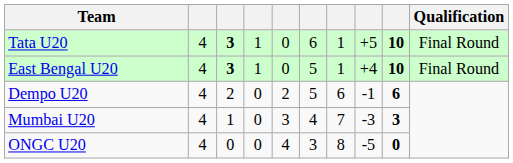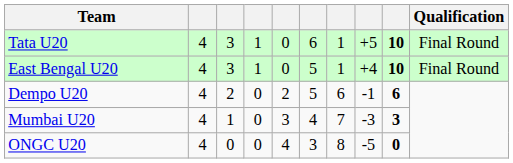 <table class="wikitable" style="text-align:center">
 <tr>
 <th width="175">Team</th>
 <th width="20"></th>
 <th width="20"></th>
 <th width="20"></th>
 <th width="20"></th>
 <th width="20"></th>
 <th width="20"></th>
 <th width="20"></th>
 <th width="20"></th>
 <th width="20">Qualification</th>
 </tr>
 <tr bgcolor="#ccffcc">
 <td align=left><a href='#'>Tata U20</a></td>
 <td>4</td>
-<td><strong>3</strong></td>
+<td>3</td>
 <td>1</td>
 <td>0</td>
 <td>6</td>
 <td>1</td>
 <td>+5</td>
 <td><strong>10</strong></td>
 <td>Final Round</td>
 </tr>
 <tr bgcolor="#ccffcc">
 <td align=left><a href='#'>East Bengal U20</a></td>
 <td>4</td>
-<td><strong>3</strong></td>
+<td>3</td>
 <td>1</td>
 <td>0</td>
 <td>5</td>
 <td>1</td>
 <td>+4</td>
 <td><strong>10</strong></td>
 <td>Final Round</td>
 </tr>
 <tr>
 <td align=left><a href='#'>Dempo U20</a></td>
 <td>4</td>
 <td>2</td>
 <td>0</td>
 <td>2</td>
 <td>5</td>
 <td>6</td>
 <td>-1</td>
 <td><strong>6</strong></td>
 </tr>
 <tr>
 <td align=left><a href='#'>Mumbai U20</a></td>
 <td>4</td>
 <td>1</td>
 <td>0</td>
 <td>3</td>
 <td>4</td>
 <td>7</td>
 <td>-3</td>
 <td><strong>3</strong></td>
 </tr>
 <tr>
 <td align=left><a href='#'>ONGC U20</a></td>
 <td>4</td>
 <td>0</td>
 <td>0</td>
 <td>4</td>
 <td>3</td>
 <td>8</td>
 <td>-5</td>
 <td><strong>0</strong></td>
 </tr>
 </table>
